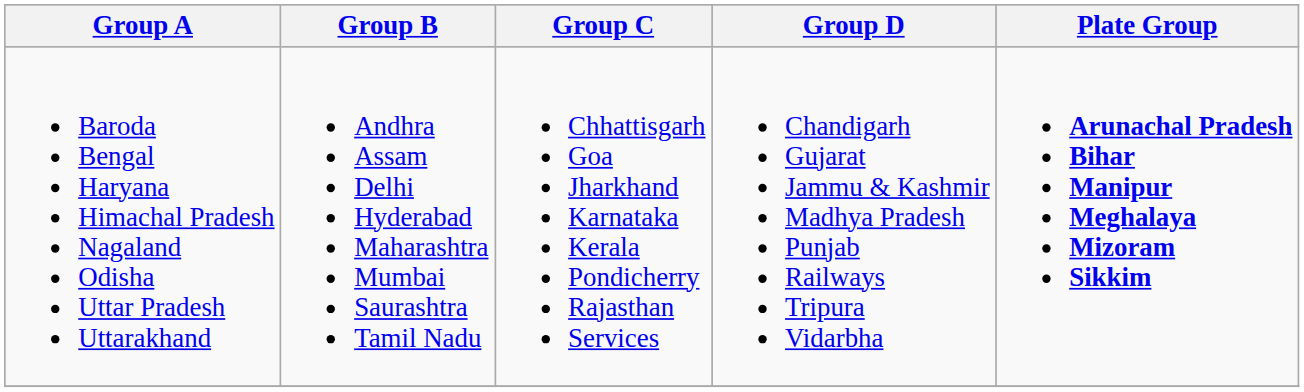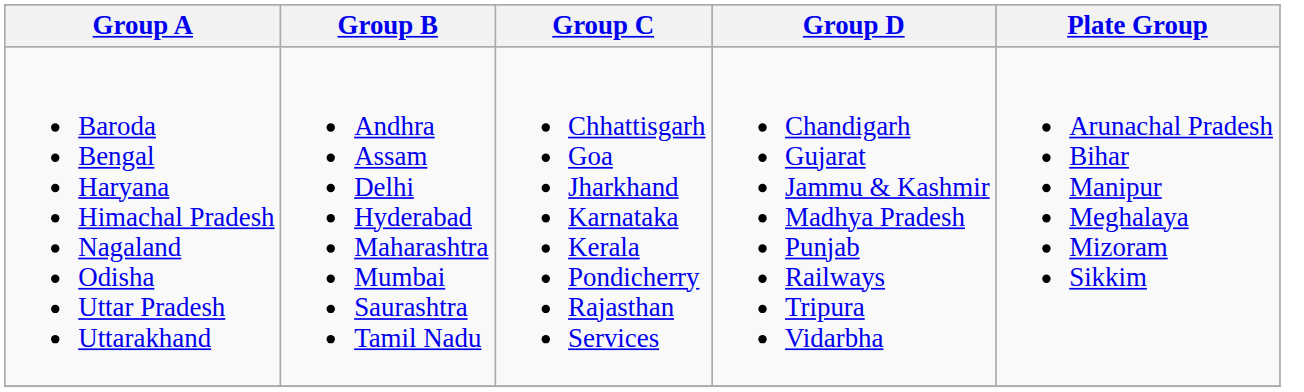 <table class="wikitable">
 <tr>
 <th><a href='#'>Group A</a></th>
 <th><a href='#'>Group B</a></th>
 <th><a href='#'>Group C</a></th>
 <th><a href='#'>Group D</a></th>
 <th><a href='#'>Plate Group</a></th>
 </tr>
 <tr>
 <td valign=top><br><ul><li><a href='#'>Baroda</a></li><li><a href='#'>Bengal</a></li><li><a href='#'>Haryana</a></li><li><a href='#'>Himachal Pradesh</a></li><li><a href='#'>Nagaland</a></li><li><a href='#'>Odisha</a></li><li><a href='#'>Uttar Pradesh</a></li><li><a href='#'>Uttarakhand</a></li></ul></td>
 <td valign=top><br><ul><li><a href='#'>Andhra</a></li><li><a href='#'>Assam</a></li><li><a href='#'>Delhi</a></li><li><a href='#'>Hyderabad</a></li><li><a href='#'>Maharashtra</a></li><li><a href='#'>Mumbai</a></li><li><a href='#'>Saurashtra</a></li><li><a href='#'>Tamil Nadu</a></li></ul></td>
 <td valign=top><br><ul><li><a href='#'>Chhattisgarh</a></li><li><a href='#'>Goa</a></li><li><a href='#'>Jharkhand</a></li><li><a href='#'>Karnataka</a></li><li><a href='#'>Kerala</a></li><li><a href='#'>Pondicherry</a></li><li><a href='#'>Rajasthan</a></li><li><a href='#'>Services</a></li></ul></td>
 <td valign=top><br><ul><li><a href='#'>Chandigarh</a></li><li><a href='#'>Gujarat</a></li><li><a href='#'>Jammu & Kashmir</a></li><li><a href='#'>Madhya Pradesh</a></li><li><a href='#'>Punjab</a></li><li><a href='#'>Railways</a></li><li><a href='#'>Tripura</a></li><li><a href='#'>Vidarbha</a></li></ul></td>
-<td valign=top><strong><br><ul><li><a href='#'>Arunachal Pradesh</a></li><li><a href='#'>Bihar</a></li><li><a href='#'>Manipur</a></li><li><a href='#'>Meghalaya</a></li><li><a href='#'>Mizoram</a></li><li><a href='#'>Sikkim</a></li></ul></strong></td>
+<td valign=top><br><ul><li><a href='#'>Arunachal Pradesh</a></li><li><a href='#'>Bihar</a></li><li><a href='#'>Manipur</a></li><li><a href='#'>Meghalaya</a></li><li><a href='#'>Mizoram</a></li><li><a href='#'>Sikkim</a></li></ul></td>
 </tr>
 <tr>
 </tr>
 </table>
